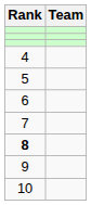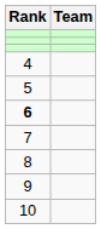 <table class="wikitable">
 <tr>
 <th>Rank</th>
 <th>Team</th>
 </tr>
 <tr bgcolor="#ccffcc">
 <td align=center></td>
 <td></td>
 </tr>
 <tr bgcolor="#ccffcc">
 <td align=center></td>
 <td></td>
 </tr>
 <tr bgcolor="#ccffcc">
 <td align=center></td>
 <td></td>
 </tr>
 <tr>
 <td align=center>4</td>
 <td></td>
 </tr>
 <tr>
 <td align=center>5</td>
 <td></td>
 </tr>
 <tr>
-<td align=center>6</td>
+<td align=center><strong>6</strong></td>
 <td></td>
 </tr>
 <tr>
 <td align=center>7</td>
 <td></td>
 </tr>
 <tr>
-<td align=center><strong>8</strong></td>
+<td align=center>8</td>
 <td></td>
 </tr>
 <tr>
 <td align=center>9</td>
 <td></td>
 </tr>
 <tr>
 <td align=center>10</td>
 <td></td>
 </tr>
 </table>
